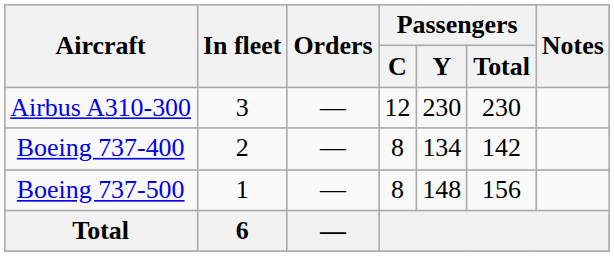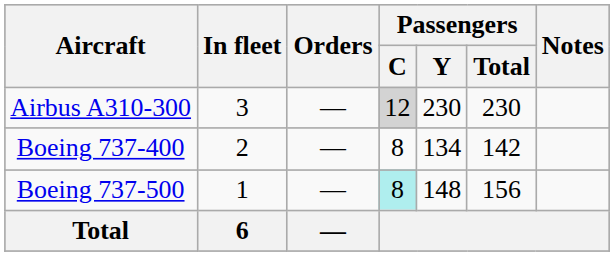 <table class="wikitable" style="text-align:center;margin:auto;">
 <tr>
 <th rowspan=2>Aircraft</th>
 <th rowspan=2>In fleet</th>
 <th rowspan=2>Orders</th>
 <th colspan=3>Passengers</th>
 <th rowspan=2>Notes</th>
 </tr>
 <tr>
 <th><abbr>C</abbr></th>
 <th><abbr>Y</abbr></th>
 <th>Total</th>
 </tr>
 <tr>
 <td><a href='#'>Airbus A310-300</a></td>
 <td>3</td>
 <td>—</td>
-<td>12</td>
+<td style="background: lightgrey;">12</td>
 <td>230</td>
 <td>230</td>
 <td></td>
 </tr>
 <tr>
 <td><a href='#'>Boeing 737-400</a></td>
 <td>2</td>
 <td>—</td>
 <td>8</td>
 <td>134</td>
 <td>142</td>
 <td></td>
 </tr>
 <tr>
 <td><a href='#'>Boeing 737-500</a></td>
 <td>1</td>
 <td>—</td>
-<td>8</td>
+<td style="background: paleturquoise;">8</td>
 <td>148</td>
 <td>156</td>
 <td></td>
 </tr>
 <tr>
 <th>Total</th>
 <th>6</th>
 <th>—</th>
 <th colspan="4"></th>
 </tr>
 </table>
